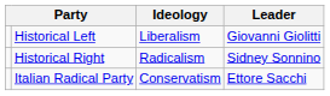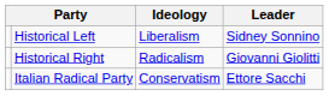 <table class=wikitable style="font-size:100%">
 <tr>
 <th colspan=2>Party</th>
 <th>Ideology</th>
 <th>Leader</th>
 </tr>
 <tr>
 <td style="color:inherit;background:"></td>
 <td><a href='#'>Historical Left</a></td>
 <td><a href='#'>Liberalism</a></td>
-<td><a href='#'>Giovanni Giolitti</a></td>
+<td><a href='#'>Sidney Sonnino</a></td>
 </tr>
 <tr>
 <td style="color:inherit;background:"></td>
 <td><a href='#'>Historical Right</a></td>
 <td><a href='#'>Radicalism</a></td>
-<td><a href='#'>Sidney Sonnino</a></td>
+<td><a href='#'>Giovanni Giolitti</a></td>
 </tr>
 <tr>
 <td style="color:inherit;background:"></td>
 <td><a href='#'>Italian Radical Party</a></td>
 <td><a href='#'>Conservatism</a></td>
 <td><a href='#'>Ettore Sacchi</a></td>
 </tr>
 </table>
